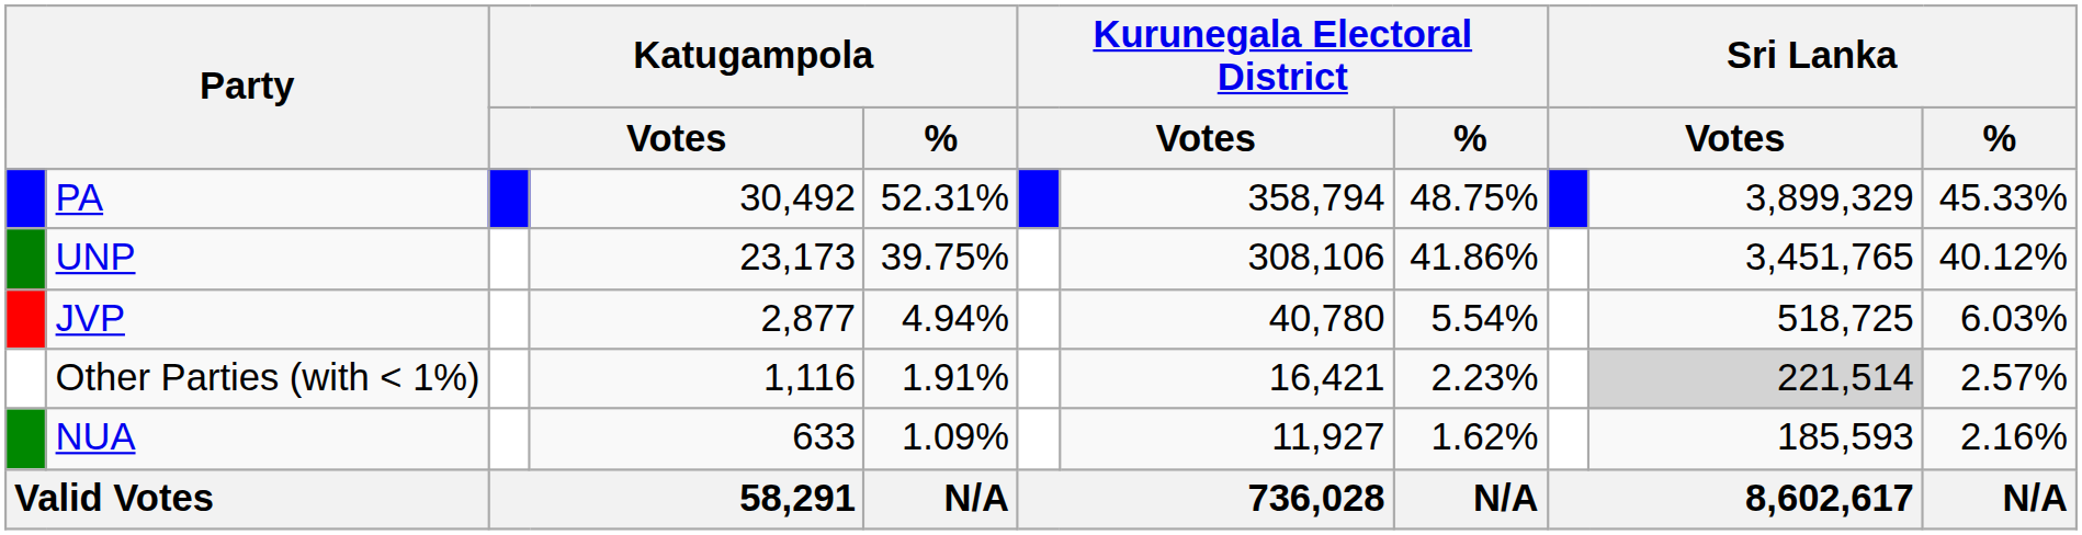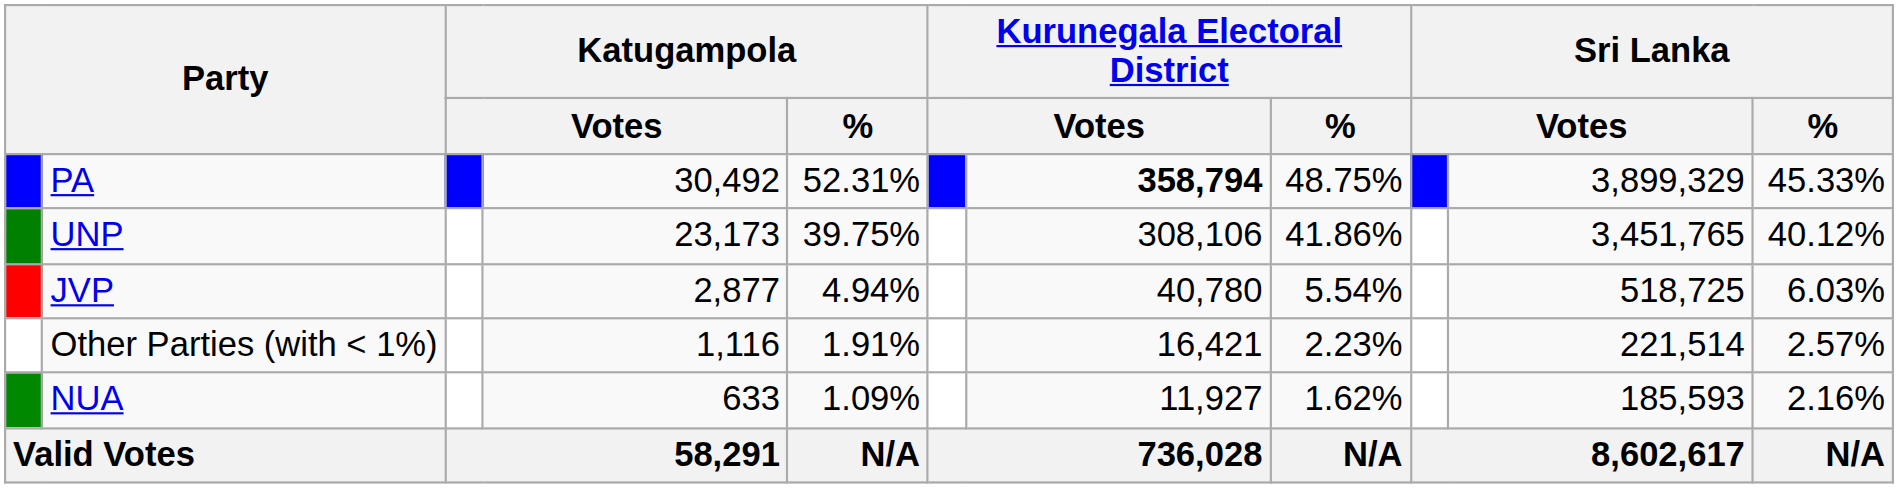 <table class="wikitable">
 <tr>
 <th colspan="2" width="144px"rowspan="2">Party</th>
 <th colspan="3" width="216px">Katugampola</th>
 <th colspan="3" width="216px"><a href='#'>Kurunegala Electoral District</a></th>
 <th colspan="3" width="216px">Sri Lanka</th>
 </tr>
 <tr>
 <th colspan="2" width="144px">Votes</th>
 <th>%</th>
 <th colspan="2" width="144px">Votes</th>
 <th>%</th>
 <th colspan="2" width="144px">Votes</th>
 <th>%</th>
 </tr>
 <tr>
 <td style="background-color:blue;" width="10px"></td>
 <td style="text-align:left;"><a href='#'>PA</a></td>
 <td style="background-color:blue;" width="10px"></td>
 <td style="text-align:right;">30,492</td>
 <td style="text-align:right;">52.31%</td>
 <td style="background-color:blue;" width="10px"></td>
-<td style="text-align:right;">358,794</td>
+<td style="text-align:right;"><strong>358,794</strong></td>
 <td style="text-align:right;">48.75%</td>
 <td style="background-color:blue;" width="10px"></td>
 <td style="text-align:right;">3,899,329</td>
 <td style="text-align:right;">45.33%</td>
 </tr>
 <tr>
 <td style="background-color:green;" width="10px"></td>
 <td style="text-align:left;"><a href='#'>UNP</a></td>
 <td style="background-color:white;" width="10px"></td>
 <td style="text-align:right;">23,173</td>
 <td style="text-align:right;">39.75%</td>
 <td style="background-color:white;" width="10px"></td>
 <td style="text-align:right;">308,106</td>
 <td style="text-align:right;">41.86%</td>
 <td style="background-color:white;" width="10px"></td>
 <td style="text-align:right;">3,451,765</td>
 <td style="text-align:right;">40.12%</td>
 </tr>
 <tr>
 <td style="background-color:red;" width="10px"></td>
 <td style="text-align:left;"><a href='#'>JVP</a></td>
 <td style="background-color:white;" width="10px"></td>
 <td style="text-align:right;">2,877</td>
 <td style="text-align:right;">4.94%</td>
 <td style="background-color:white;" width="10px"></td>
 <td style="text-align:right;">40,780</td>
 <td style="text-align:right;">5.54%</td>
 <td style="background-color:white;" width="10px"></td>
 <td style="text-align:right;">518,725</td>
 <td style="text-align:right;">6.03%</td>
 </tr>
 <tr>
 <td style="background-color:white;" width="10px"></td>
 <td style="text-align:left;">Other Parties (with < 1%)</td>
 <td style="background-color:white;" width="10px"></td>
 <td style="text-align:right;">1,116</td>
 <td style="text-align:right;">1.91%</td>
 <td style="background-color:white;" width="10px"></td>
 <td style="text-align:right;">16,421</td>
 <td style="text-align:right;">2.23%</td>
 <td style="background-color:white;" width="10px"></td>
-<td style="background: lightgrey; text-align:right;">221,514</td>
+<td style="text-align:right;">221,514</td>
 <td style="text-align:right;">2.57%</td>
 </tr>
 <tr>
 <td style="background-color:#008800;" width="10px"></td>
 <td style="text-align:left;"><a href='#'>NUA</a></td>
 <td style="background-color:white;" width="10px"></td>
 <td style="text-align:right;">633</td>
 <td style="text-align:right;">1.09%</td>
 <td style="background-color:white;" width="10px"></td>
 <td style="text-align:right;">11,927</td>
 <td style="text-align:right;">1.62%</td>
 <td style="background-color:white;" width="10px"></td>
 <td style="text-align:right;">185,593</td>
 <td style="text-align:right;">2.16%</td>
 </tr>
 <tr>
 <th colspan="2" width="144px"style="text-align:left;">Valid Votes</th>
 <th style="text-align:right;"colspan="2" width="144px">58,291</th>
 <th style="text-align:right;">N/A</th>
 <th style="text-align:right;"colspan="2" width="144px">736,028</th>
 <th style="text-align:right;">N/A</th>
 <th style="text-align:right;"colspan="2" width="144px">8,602,617</th>
 <th style="text-align:right;">N/A</th>
 </tr>
 </table>
